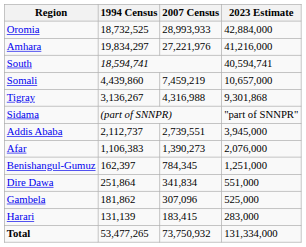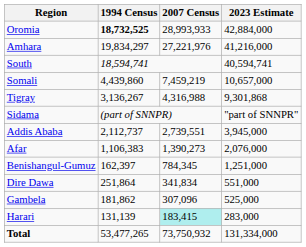 <table class="wikitable sortable">
 <tr>
 <th>Region</th>
 <th>1994 Census</th>
 <th>2007 Census</th>
 <th>2023 Estimate</th>
 </tr>
 <tr>
 <td><a href='#'>Oromia</a></td>
-<td>18,732,525</td>
+<td><strong>18,732,525</strong></td>
 <td>28,993,933</td>
 <td>42,884,000</td>
 </tr>
 <tr>
 <td><a href='#'>Amhara</a></td>
 <td>19,834,297</td>
 <td>27,221,976</td>
 <td>41,216,000</td>
 </tr>
 <tr>
 <td><a href='#'>South</a></td>
 <td colspan="2"><em>18,594,741 </em></td>
 <td>40,594,741</td>
 </tr>
 <tr>
 <td><a href='#'>Somali</a></td>
 <td>4,439,860</td>
 <td>7,459,219</td>
 <td>10,657,000</td>
 </tr>
 <tr>
 <td><a href='#'>Tigray</a></td>
 <td>3,136,267</td>
 <td>4,316,988</td>
 <td>9,301,868</td>
 </tr>
 <tr>
 <td><a href='#'>Sidama</a></td>
 <td colspan="2"><em>(part of SNNPR)</em></td>
 <td>"part of SNNPR"</td>
 </tr>
 <tr>
 <td><a href='#'>Addis Ababa</a></td>
 <td>2,112,737</td>
 <td>2,739,551</td>
 <td>3,945,000</td>
 </tr>
 <tr>
 <td><a href='#'>Afar</a></td>
 <td>1,106,383</td>
 <td>1,390,273</td>
 <td>2,076,000</td>
 </tr>
 <tr>
 <td><a href='#'>Benishangul-Gumuz</a></td>
 <td>162,397</td>
 <td>784,345</td>
 <td>1,251,000</td>
 </tr>
 <tr>
 <td><a href='#'>Dire Dawa</a></td>
 <td>251,864</td>
 <td>341,834</td>
 <td>551,000</td>
 </tr>
 <tr>
 <td><a href='#'>Gambela</a></td>
 <td>181,862</td>
 <td>307,096</td>
 <td>525,000</td>
 </tr>
 <tr>
 <td><a href='#'>Harari</a></td>
 <td>131,139</td>
-<td>183,415</td>
+<td style="background: paleturquoise;">183,415</td>
 <td>283,000</td>
 </tr>
 <tr>
 <td><strong>Total</strong></td>
 <td>53,477,265</td>
 <td>73,750,932</td>
 <td>131,334,000</td>
 </tr>
 </table>
